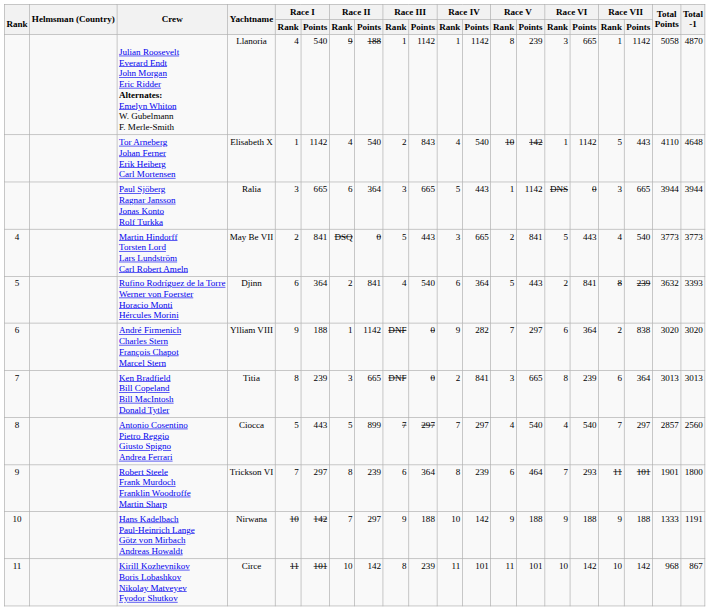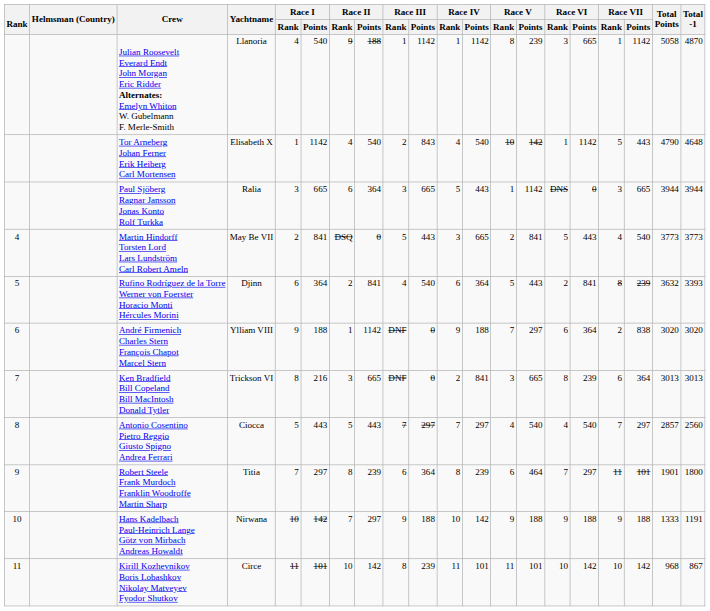 <table class="wikitable" style="text-align:right; font-size:90%">
 <tr>
 <th rowspan="2"><br>Rank</th>
 <th rowspan="2">Helmsman (Country)</th>
 <th rowspan="2">Crew</th>
 <th rowspan="2">Yachtname</th>
 <th colspan="2">Race I</th>
 <th colspan="2">Race II</th>
 <th colspan="2">Race III</th>
 <th colspan="2">Race IV</th>
 <th colspan="2">Race V</th>
 <th colspan="2">Race VI</th>
 <th colspan="2">Race VII</th>
 <th rowspan="2">Total <br>Points <br> </th>
 <th rowspan="2">Total<br>-1<br> </th>
 </tr>
 <tr>
 <th>Rank</th>
 <th>Points</th>
 <th>Rank</th>
 <th>Points</th>
 <th>Rank</th>
 <th>Points</th>
 <th>Rank</th>
 <th>Points</th>
 <th>Rank</th>
 <th>Points</th>
 <th>Rank</th>
 <th>Points</th>
 <th>Rank</th>
 <th>Points</th>
 </tr>
 <tr style="vertical-align:top;">
 <td align=center></td>
 <td align=left></td>
 <td align=left><br><a href='#'>Julian Roosevelt</a>  <br>  <a href='#'>Everard Endt</a>  <br>  <a href='#'>John Morgan</a>  <br>  <a href='#'>Eric Ridder</a>  <br>  <strong>Alternates:</strong> <br> <a href='#'>Emelyn Whiton</a>  <br> W. Gubelmann  <br>  F. Merle-Smith  <br></td>
 <td align=center>Llanoria</td>
 <td>4</td>
 <td>540</td>
 <td><s>9</s></td>
 <td><s>188</s></td>
 <td>1</td>
 <td>1142</td>
 <td>1</td>
 <td>1142</td>
 <td>8</td>
 <td>239</td>
 <td>3</td>
 <td>665</td>
 <td>1</td>
 <td>1142</td>
 <td>5058</td>
 <td>4870</td>
 </tr>
 <tr style=vertical-align:top;>
 <td align=center></td>
 <td align=left></td>
 <td align=left><a href='#'>Tor Arneberg</a>  <br> <a href='#'>Johan Ferner</a>  <br> <a href='#'>Erik Heiberg</a>  <br> <a href='#'>Carl Mortensen</a> </td>
 <td align=center>Elisabeth X</td>
 <td>1</td>
 <td>1142</td>
 <td>4</td>
 <td>540</td>
 <td>2</td>
 <td>843</td>
 <td>4</td>
 <td>540</td>
 <td><s>10</s></td>
 <td><s>142</s></td>
 <td>1</td>
 <td>1142</td>
 <td>5</td>
 <td>443</td>
-<td>4110</td>
+<td>4790</td>
 <td>4648</td>
 </tr>
 <tr style=vertical-align:top;>
 <td align=center></td>
 <td align=left></td>
 <td align=left><a href='#'>Paul Sjöberg</a>  <br> <a href='#'>Ragnar Jansson</a>  <br> <a href='#'>Jonas Konto</a>  <br> <a href='#'>Rolf Turkka</a> </td>
 <td align=center>Ralia </td>
 <td>3</td>
 <td>665</td>
 <td>6</td>
 <td>364</td>
 <td>3</td>
 <td>665</td>
 <td>5</td>
 <td>443</td>
 <td>1</td>
 <td>1142</td>
 <td><s>DNS</s></td>
 <td><s>0</s></td>
 <td>3</td>
 <td>665</td>
 <td>3944</td>
 <td>3944</td>
 </tr>
 <tr style=vertical-align:top;>
 <td align=center>4</td>
 <td align=left></td>
 <td align=left><a href='#'>Martin Hindorff</a>  <br> <a href='#'>Torsten Lord</a>  <br> <a href='#'>Lars Lundström</a>  <br> <a href='#'>Carl Robert Ameln</a> </td>
 <td align=center>May Be VII</td>
 <td>2</td>
 <td>841</td>
 <td><s>DSQ</s></td>
 <td><s>0</s></td>
 <td>5</td>
 <td>443</td>
 <td>3</td>
 <td>665</td>
 <td>2</td>
 <td>841</td>
 <td>5</td>
 <td>443</td>
 <td>4</td>
 <td>540</td>
 <td>3773</td>
 <td>3773</td>
 </tr>
 <tr style=vertical-align:top;>
 <td align=center>5</td>
 <td align=left></td>
 <td align=left><a href='#'>Rufino Rodríguez de la Torre</a>  <br> <a href='#'>Werner von Foerster</a>  <br> <a href='#'>Horacio Monti</a>  <br> <a href='#'>Hércules Morini</a> </td>
 <td align=center>Djinn</td>
 <td>6</td>
 <td>364</td>
 <td>2</td>
 <td>841</td>
 <td>4</td>
 <td>540</td>
 <td>6</td>
 <td>364</td>
 <td>5</td>
 <td>443</td>
 <td>2</td>
 <td>841</td>
 <td><s>8</s></td>
 <td><s>239</s></td>
 <td>3632</td>
 <td>3393</td>
 </tr>
 <tr style=vertical-align:top;>
 <td align=center>6</td>
 <td align=left></td>
 <td align=left><a href='#'>André Firmenich</a>  <br> <a href='#'>Charles Stern</a>  <br> <a href='#'>François Chapot</a>  <br> <a href='#'>Marcel Stern</a> </td>
 <td align=center>Ylliam VIII</td>
 <td>9</td>
 <td>188</td>
 <td>1</td>
 <td>1142</td>
 <td><s>DNF</s></td>
 <td><s>0</s></td>
 <td>9</td>
-<td>282</td>
+<td>188</td>
 <td>7</td>
 <td>297</td>
 <td>6</td>
 <td>364</td>
 <td>2</td>
 <td>838</td>
 <td>3020</td>
 <td>3020</td>
 </tr>
 <tr style=vertical-align:top;>
 <td align=center>7</td>
 <td align=left></td>
 <td align=left><a href='#'>Ken Bradfield</a>  <br> <a href='#'>Bill Copeland</a>  <br> <a href='#'>Bill MacIntosh</a>  <br>  <a href='#'>Donald Tytler</a> </td>
-<td align=center>Titia</td>
+<td align=center>Trickson VI</td>
 <td>8</td>
-<td>239</td>
+<td>216</td>
 <td>3</td>
 <td>665</td>
 <td><s>DNF</s></td>
 <td><s>0</s></td>
 <td>2</td>
 <td>841</td>
 <td>3</td>
 <td>665</td>
 <td>8</td>
 <td>239</td>
 <td>6</td>
 <td>364</td>
 <td>3013</td>
 <td>3013</td>
 </tr>
 <tr style=vertical-align:top;>
 <td align=center>8</td>
 <td align=left></td>
 <td align=left><a href='#'>Antonio Cosentino</a>  <br> <a href='#'>Pietro Reggio</a>  <br> <a href='#'>Giusto Spigno</a>  <br> <a href='#'>Andrea Ferrari</a> </td>
 <td align=center>Ciocca</td>
 <td>5</td>
 <td>443</td>
 <td>5</td>
-<td>899</td>
+<td>443</td>
 <td><s>7</s></td>
 <td><s>297</s></td>
 <td>7</td>
 <td>297</td>
 <td>4</td>
 <td>540</td>
 <td>4</td>
 <td>540</td>
 <td>7</td>
 <td>297</td>
 <td>2857</td>
 <td>2560</td>
 </tr>
 <tr style=vertical-align:top;>
 <td align=center>9</td>
 <td align=left></td>
 <td align=left><a href='#'>Robert Steele</a>  <br> <a href='#'>Frank Murdoch</a>  <br> <a href='#'>Franklin Woodroffe</a>  <br> <a href='#'>Martin Sharp</a> </td>
-<td align=center>Trickson VI</td>
+<td align=center>Titia</td>
 <td>7</td>
 <td>297</td>
 <td>8</td>
 <td>239</td>
 <td>6</td>
 <td>364</td>
 <td>8</td>
 <td>239</td>
 <td>6</td>
 <td>464</td>
 <td>7</td>
-<td>293</td>
+<td>297</td>
 <td><s>11</s></td>
 <td><s>101</s></td>
 <td>1901</td>
 <td>1800</td>
 </tr>
 <tr style=vertical-align:top;>
 <td align=center>10</td>
 <td align=left></td>
 <td align=left><a href='#'>Hans Kadelbach</a>  <br> <a href='#'>Paul-Heinrich Lange</a>  <br> <a href='#'>Götz von Mirbach</a>  <br> <a href='#'>Andreas Howaldt</a> </td>
 <td align=center>Nirwana</td>
 <td><s>10</s></td>
 <td><s>142</s></td>
 <td>7</td>
 <td>297</td>
 <td>9</td>
 <td>188</td>
 <td>10</td>
 <td>142</td>
 <td>9</td>
 <td>188</td>
 <td>9</td>
 <td>188</td>
 <td>9</td>
 <td>188</td>
 <td>1333</td>
 <td>1191</td>
 </tr>
 <tr style=vertical-align:top;>
 <td align=center>11</td>
 <td align=left></td>
 <td align=left><a href='#'>Kirill Kozhevnikov</a>  <br> <a href='#'>Boris Lobashkov</a>  <br> <a href='#'>Nikolay Matveyev</a>  <br> <a href='#'>Fyodor Shutkov</a> </td>
 <td align=center>Circe</td>
 <td><s>11</s></td>
 <td><s>101</s></td>
 <td>10</td>
 <td>142</td>
 <td>8</td>
 <td>239</td>
 <td>11</td>
 <td>101</td>
 <td>11</td>
 <td>101</td>
 <td>10</td>
 <td>142</td>
 <td>10</td>
 <td>142</td>
 <td>968</td>
 <td>867</td>
 </tr>
 </table>
